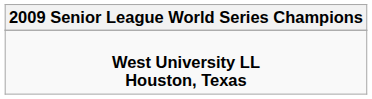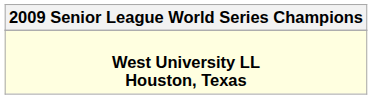 <table class="wikitable" style="text-align: center; margin: 0 auto;">
 <tr>
 <th>2009 Senior League World Series Champions</th>
 </tr>
 <tr>
 </tr>
 <tr>
-<td><br><strong>West University LL</strong><br> <strong>Houston, Texas</strong></td>
+<td style="background: lightyellow;"><br><strong>West University LL</strong><br> <strong>Houston, Texas</strong></td>
 </tr>
 </table>
